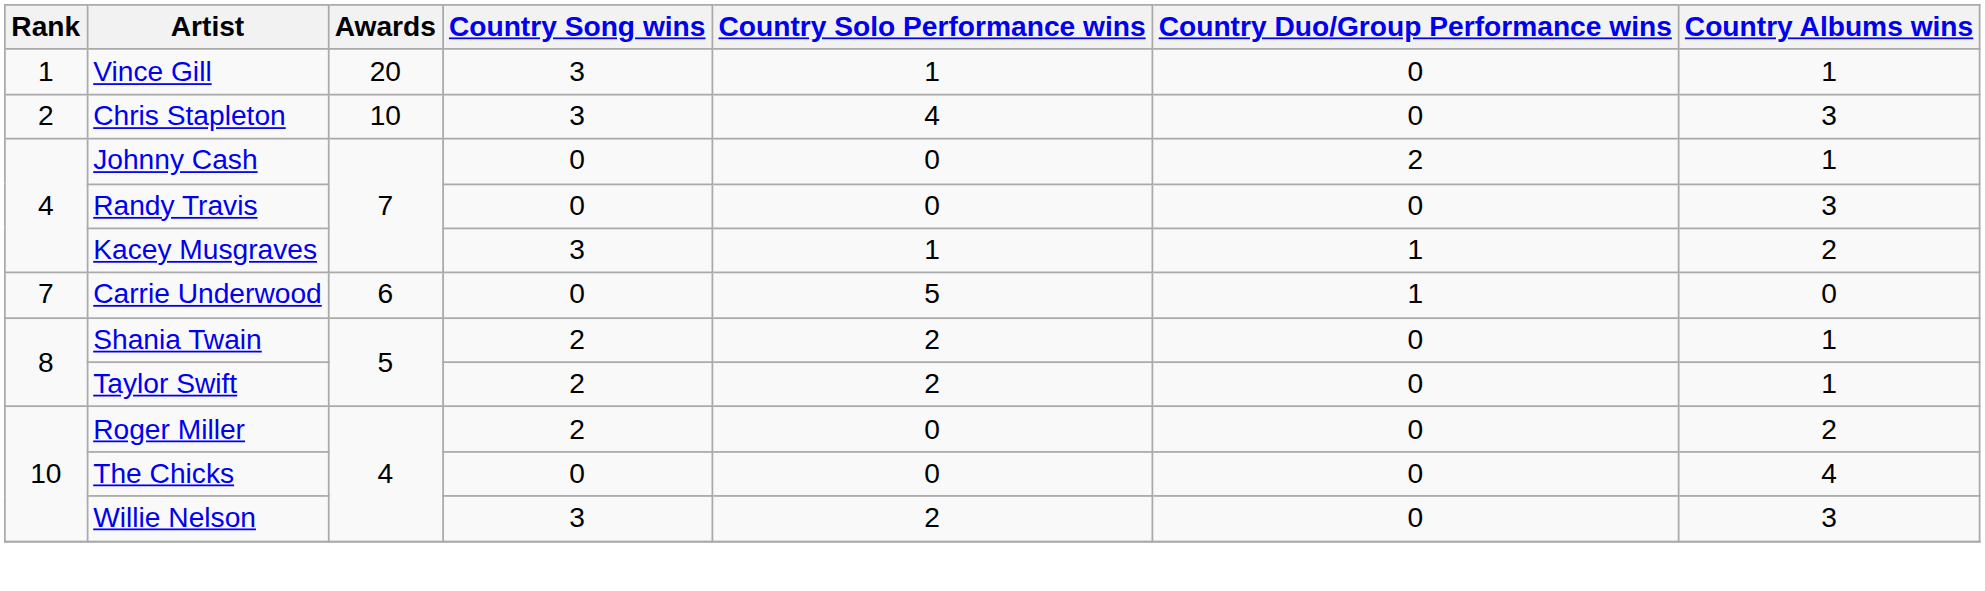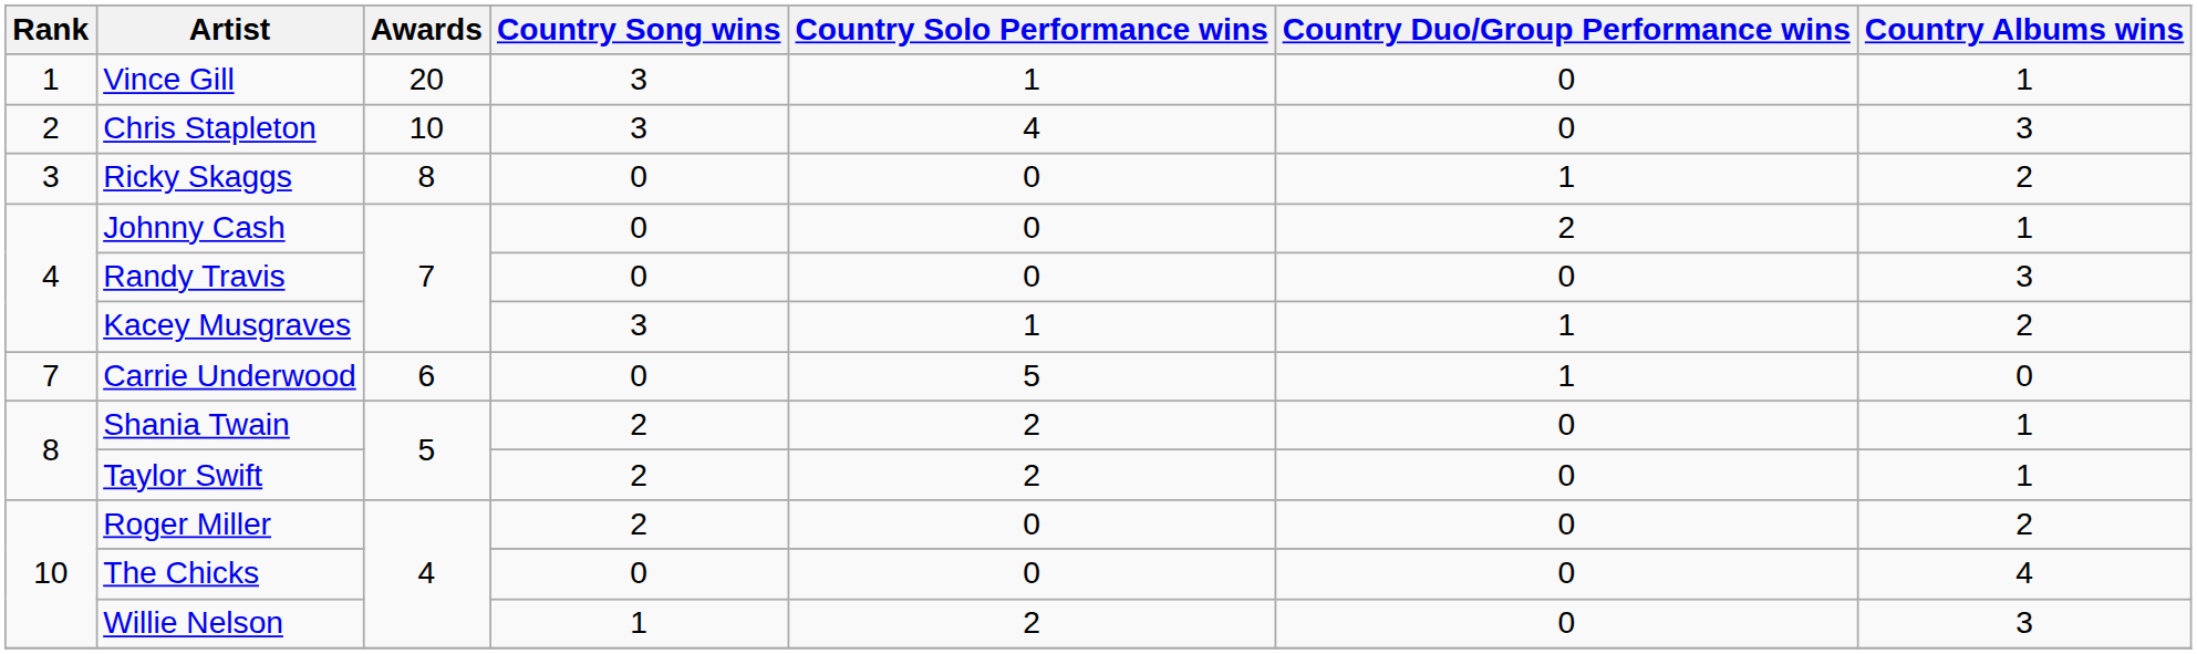 <table class="wikitable" style="text-align: center; cellpadding: 2;">
 <tr>
 <th>Rank</th>
 <th>Artist</th>
 <th>Awards</th>
 <th><a href='#'>Country Song wins</a></th>
 <th><a href='#'>Country Solo Performance wins</a></th>
 <th><a href='#'>Country Duo/Group Performance wins</a></th>
 <th><a href='#'>Country Albums wins</a></th>
 </tr>
 <tr>
 <td>1</td>
 <td style="text-align: left;"><a href='#'>Vince Gill</a></td>
 <td>20</td>
 <td>3</td>
 <td>1</td>
 <td>0</td>
 <td>1</td>
 </tr>
 <tr>
 <td>2</td>
 <td style="text-align: left;"><a href='#'>Chris Stapleton</a></td>
 <td>10</td>
 <td>3</td>
 <td>4</td>
 <td>0</td>
 <td>3</td>
+</tr>
+<tr>
+<td>3</td>
+<td style="text-align: left;"><a href='#'>Ricky Skaggs</a></td>
+<td>8</td>
+<td>0</td>
+<td>0</td>
+<td>1</td>
+<td>2</td>
 </tr>
 <tr>
 <td rowspan="3">4</td>
 <td style="text-align: left;"><a href='#'>Johnny Cash</a></td>
 <td rowspan="3">7</td>
 <td>0</td>
 <td>0</td>
 <td>2</td>
 <td>1</td>
 </tr>
 <tr>
 <td style="text-align: left;"><a href='#'>Randy Travis</a></td>
 <td>0</td>
 <td>0</td>
 <td>0</td>
 <td>3</td>
 </tr>
 <tr>
 <td style="text-align: left;"><a href='#'>Kacey Musgraves</a></td>
 <td>3</td>
 <td>1</td>
 <td>1</td>
 <td>2</td>
 </tr>
 <tr>
 <td>7</td>
 <td style="text-align: left;"><a href='#'>Carrie Underwood</a></td>
 <td>6</td>
 <td>0</td>
 <td>5</td>
 <td>1</td>
 <td>0</td>
 </tr>
 <tr>
 <td rowspan="2">8</td>
 <td style="text-align: left;"><a href='#'>Shania Twain</a></td>
 <td rowspan="2">5</td>
 <td>2</td>
 <td>2</td>
 <td>0</td>
 <td>1</td>
 </tr>
 <tr>
 <td style="text-align: left;"><a href='#'>Taylor Swift</a></td>
 <td>2</td>
 <td>2</td>
 <td>0</td>
 <td>1</td>
 </tr>
 <tr>
 <td rowspan="3">10</td>
 <td style="text-align: left;"><a href='#'>Roger Miller</a></td>
 <td rowspan="3">4</td>
 <td>2</td>
 <td>0</td>
 <td>0</td>
 <td>2</td>
 </tr>
 <tr>
 <td style="text-align: left;"><a href='#'>The Chicks</a></td>
 <td>0</td>
 <td>0</td>
 <td>0</td>
 <td>4</td>
 </tr>
 <tr>
 <td style="text-align: left;"><a href='#'>Willie Nelson</a></td>
-<td>3</td>
+<td>1</td>
 <td>2</td>
 <td>0</td>
 <td>3</td>
 </tr>
 <tr>
 </tr>
 </table>
